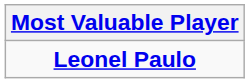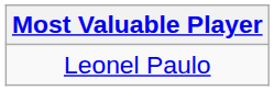 <table class=wikitable style="text-align:center; margin:auto">
 <tr>
 <th><a href='#'>Most Valuable Player</a></th>
 </tr>
 <tr>
-<td><strong> <a href='#'>Leonel Paulo</a></strong></td>
+<td> <a href='#'>Leonel Paulo</a></td>
 </tr>
 </table>
